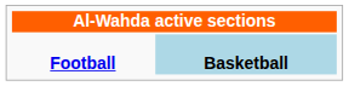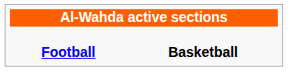 <table class="infobox" style="width: 20em; font-size: 95%em;">
 <tr style="color:white; background:#FF5F00; text-align:center;">
 <th colspan="3">Al-Wahda active sections</th>
 </tr>
 <tr style="text-align: center">
 <td><br><strong><a href='#'>Football</a></strong></td>
-<td style="background: lightblue;"><br><strong>Basketball</strong></td>
+<td><br><strong>Basketball</strong></td>
 </tr>
 </table>
